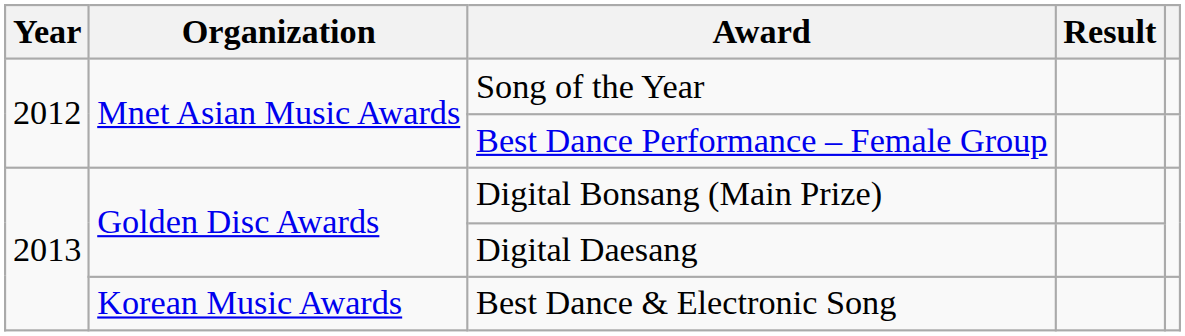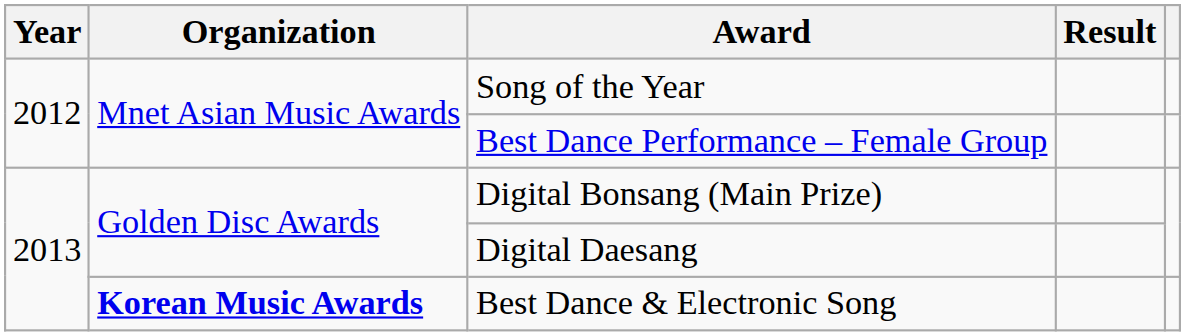 <table class="wikitable plainrowheaders">
 <tr>
 <th scope="col">Year</th>
 <th scope="col">Organization</th>
 <th scope="col">Award</th>
 <th scope="col">Result</th>
 <th class="unsortable"></th>
 </tr>
 <tr>
 <td rowspan="2">2012</td>
 <td rowspan="2"><a href='#'>Mnet Asian Music Awards</a></td>
 <td>Song of the Year</td>
 <td></td>
 <td></td>
 </tr>
 <tr>
 <td><a href='#'>Best Dance Performance – Female Group</a></td>
 <td></td>
 <td align="center"></td>
 </tr>
 <tr>
 <td rowspan="3">2013</td>
 <td rowspan="2"><a href='#'>Golden Disc Awards</a></td>
 <td>Digital Bonsang (Main Prize)</td>
 <td></td>
 <td rowspan="2" align="center"></td>
 </tr>
 <tr>
 <td>Digital Daesang</td>
 <td></td>
 </tr>
 <tr>
-<td><a href='#'>Korean Music Awards</a></td>
+<td><strong><a href='#'>Korean Music Awards</a></strong></td>
 <td>Best Dance & Electronic Song</td>
 <td></td>
 <td rowspan="2" align="center"></td>
 </tr>
 </table>
